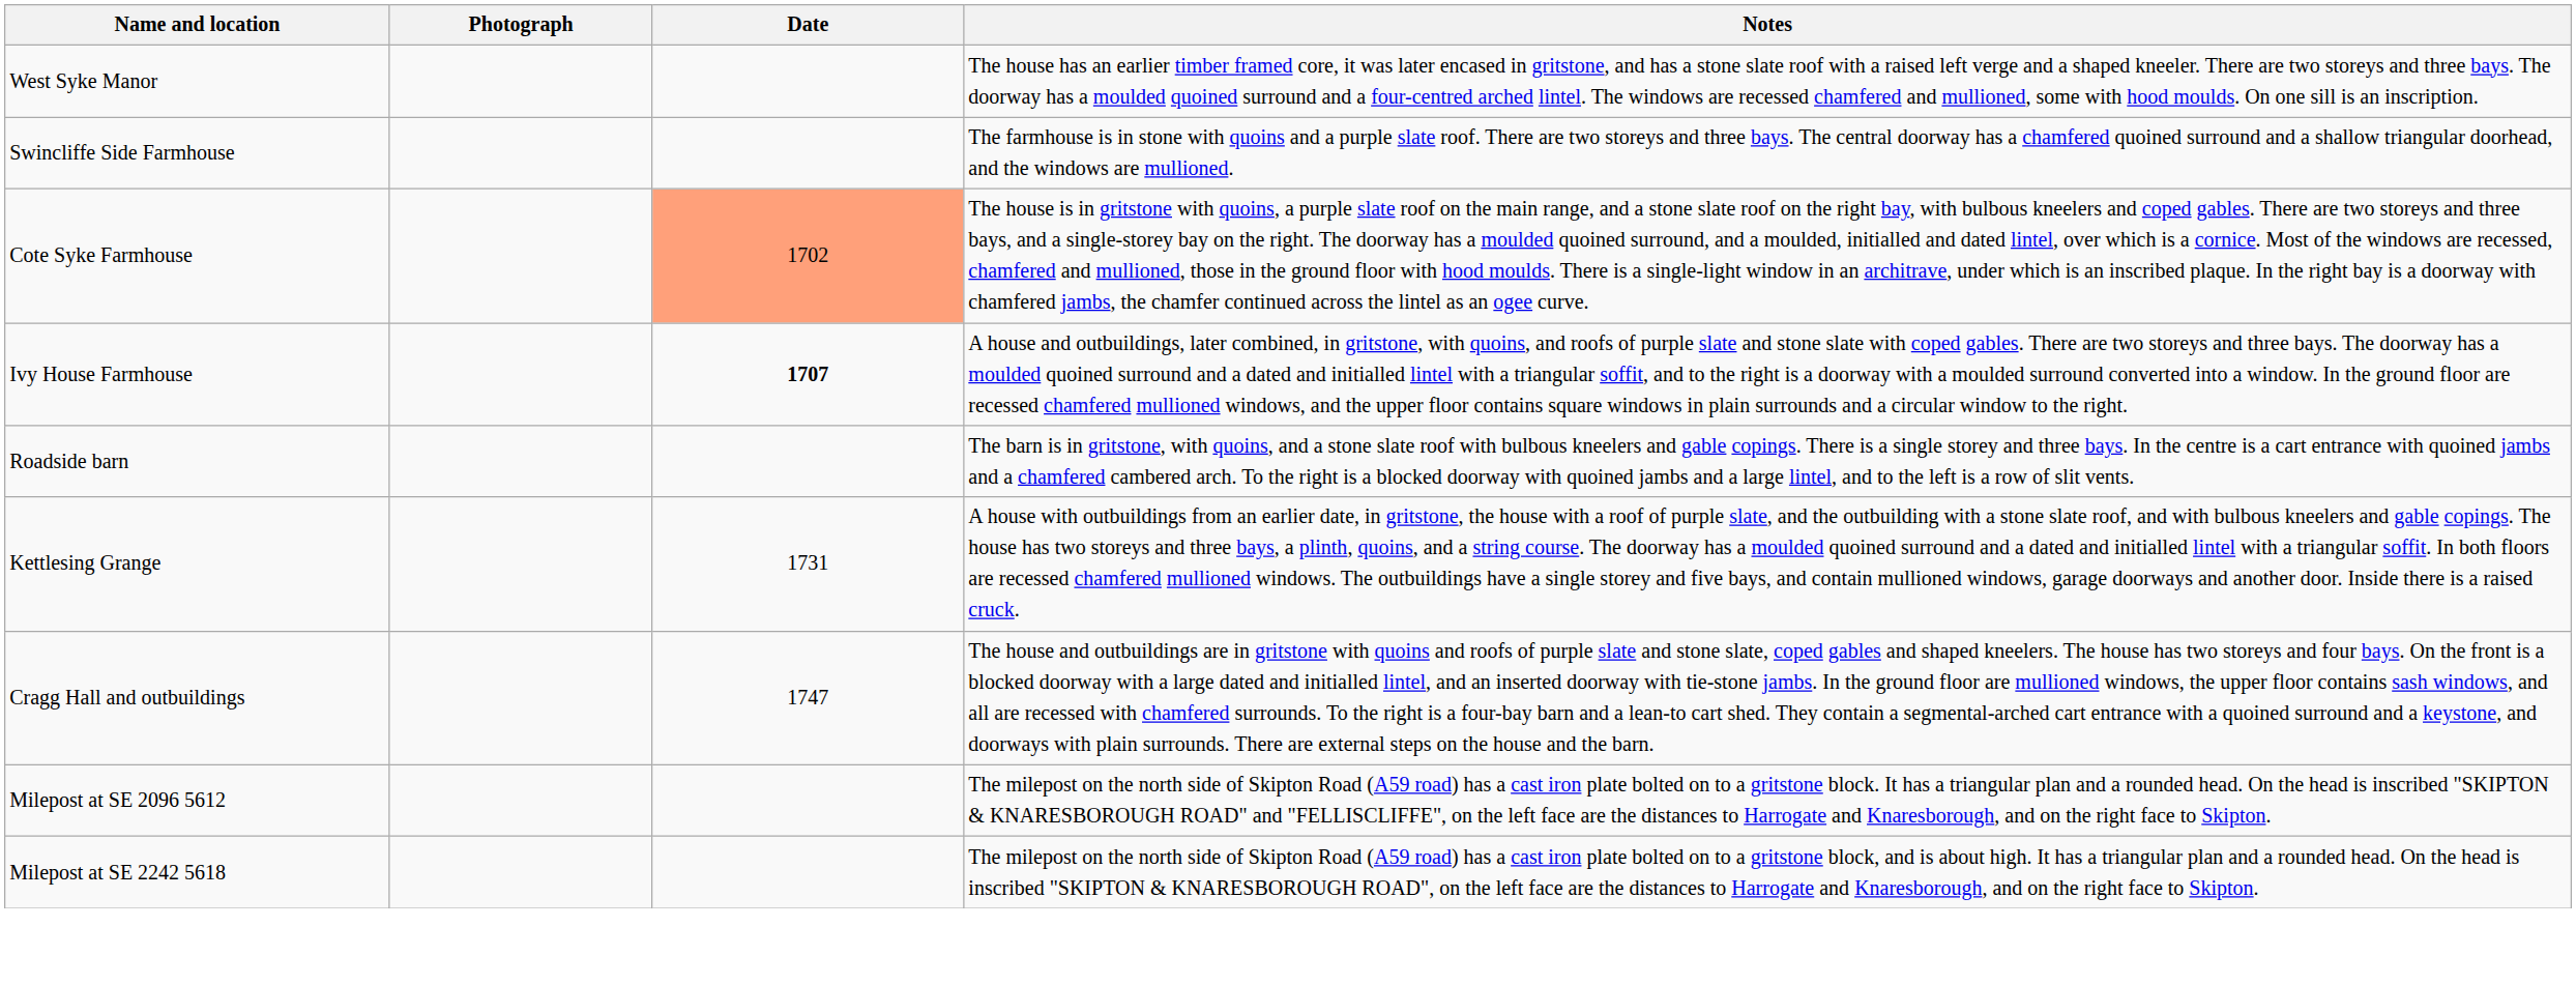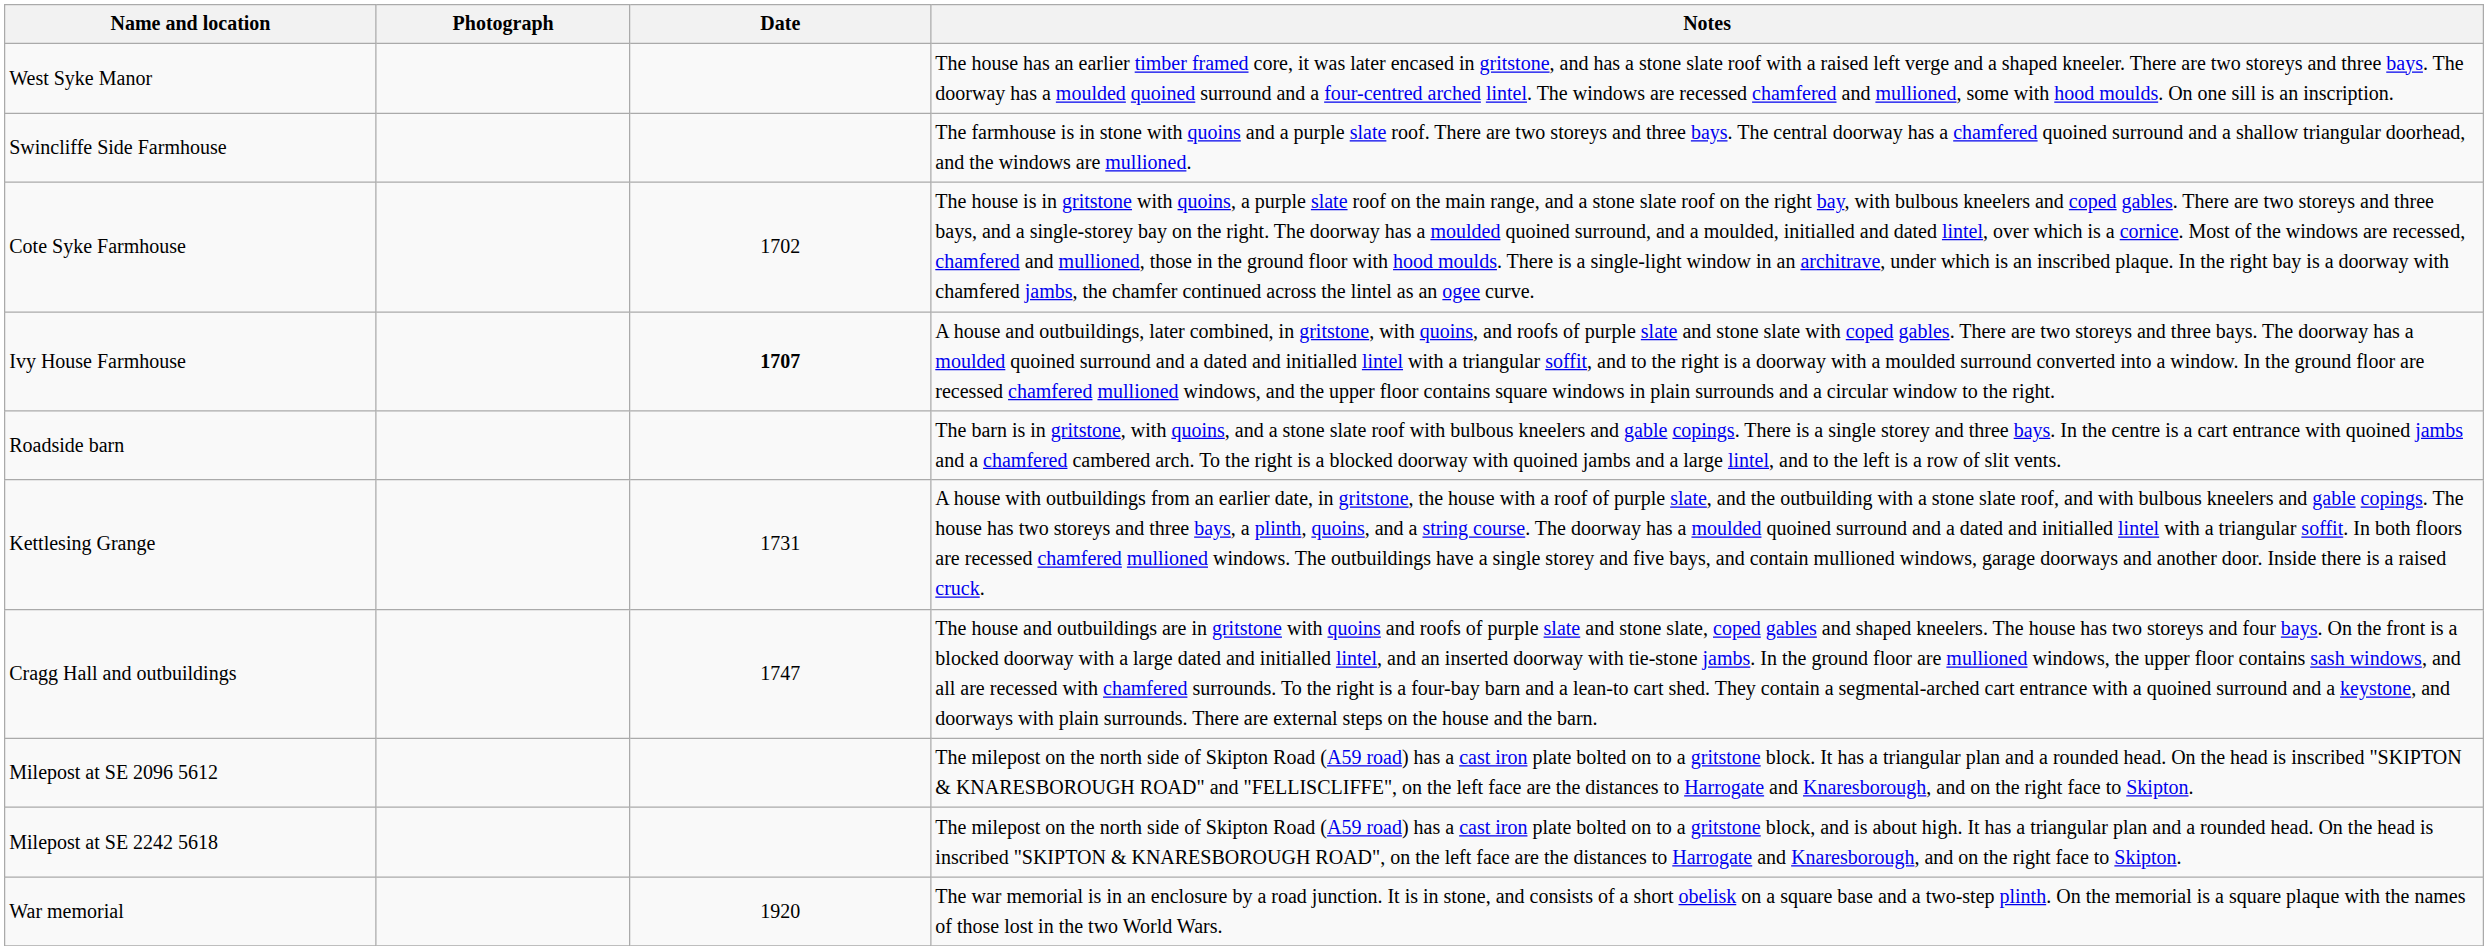 <table class="wikitable sortable plainrowheaders" style="width:100%;border:0px;text-align:left;line-height:150%;">
 <tr>
 <th scope="col"  style="width:150px">Name and location</th>
 <th scope="col"  style="width:100px" class="unsortable">Photograph</th>
 <th scope="col"  style="width:120px">Date</th>
 <th scope="col"  style="width:650px" class="unsortable">Notes</th>
 </tr>
 <tr>
 <td>West Syke Manor<br><small></small></td>
 <td></td>
 <td align="center"></td>
 <td>The house has an earlier <a href='#'>timber framed</a> core, it was later encased in <a href='#'>gritstone</a>, and has a stone slate roof with a raised left verge and a shaped kneeler.  There are two storeys and three <a href='#'>bays</a>.  The doorway has a <a href='#'>moulded</a> <a href='#'>quoined</a> surround and a <a href='#'>four-centred arched</a> <a href='#'>lintel</a>.  The windows are recessed <a href='#'>chamfered</a> and <a href='#'>mullioned</a>, some with <a href='#'>hood moulds</a>.  On one sill is an inscription.</td>
 </tr>
 <tr>
 <td>Swincliffe Side Farmhouse<br><small></small></td>
 <td></td>
 <td align="center"></td>
 <td>The farmhouse is in stone with <a href='#'>quoins</a> and a purple <a href='#'>slate</a> roof.  There are two storeys and three <a href='#'>bays</a>.  The central doorway has a <a href='#'>chamfered</a> quoined surround and a shallow triangular doorhead, and the windows are <a href='#'>mullioned</a>.</td>
 </tr>
 <tr>
 <td>Cote Syke Farmhouse<br><small></small></td>
 <td></td>
-<td align="center" style="background: lightsalmon;">1702</td>
+<td align="center">1702</td>
 <td>The house is in <a href='#'>gritstone</a> with <a href='#'>quoins</a>, a purple <a href='#'>slate</a> roof on the main range, and a stone slate roof on the right <a href='#'>bay</a>, with bulbous kneelers and <a href='#'>coped</a> <a href='#'>gables</a>.  There are two storeys and three bays, and a single-storey bay on the right.  The doorway has a <a href='#'>moulded</a> quoined surround, and a moulded, initialled and dated <a href='#'>lintel</a>, over which is a <a href='#'>cornice</a>.  Most of the windows are recessed, <a href='#'>chamfered</a> and <a href='#'>mullioned</a>, those in the ground floor with <a href='#'>hood moulds</a>.  There is a single-light window in an <a href='#'>architrave</a>, under which is an inscribed plaque.  In the right bay is a doorway with chamfered <a href='#'>jambs</a>, the chamfer continued across the lintel as an <a href='#'>ogee</a> curve.</td>
 </tr>
 <tr>
 <td>Ivy House Farmhouse<br><small></small></td>
 <td></td>
 <td align="center"><strong>1707</strong></td>
 <td>A house and outbuildings, later combined, in <a href='#'>gritstone</a>, with <a href='#'>quoins</a>, and roofs of purple <a href='#'>slate</a> and stone slate with <a href='#'>coped</a> <a href='#'>gables</a>.  There are two storeys and three bays.  The doorway has a <a href='#'>moulded</a> quoined surround and a dated and initialled <a href='#'>lintel</a> with a triangular <a href='#'>soffit</a>, and to the right is a doorway with a moulded surround converted into a window.  In the ground floor are recessed <a href='#'>chamfered</a> <a href='#'>mullioned</a> windows, and the upper floor contains square windows in plain surrounds and a circular window to the right.</td>
 </tr>
 <tr>
 <td>Roadside barn<br><small></small></td>
 <td></td>
 <td align="center"></td>
 <td>The barn is in <a href='#'>gritstone</a>, with <a href='#'>quoins</a>, and a stone slate roof with bulbous kneelers and <a href='#'>gable</a> <a href='#'>copings</a>.  There is a single storey and three <a href='#'>bays</a>.  In the centre is a cart entrance with quoined <a href='#'>jambs</a> and a <a href='#'>chamfered</a> cambered arch. To the right is a blocked doorway with quoined jambs and a large <a href='#'>lintel</a>, and to the left is a row of slit vents.</td>
 </tr>
 <tr>
 <td>Kettlesing Grange<br><small></small></td>
 <td></td>
 <td align="center">1731</td>
 <td>A house with outbuildings from an earlier date, in <a href='#'>gritstone</a>, the house with a roof of purple <a href='#'>slate</a>, and the outbuilding with a stone slate roof, and with bulbous kneelers and <a href='#'>gable</a> <a href='#'>copings</a>.  The house has two storeys and three <a href='#'>bays</a>, a <a href='#'>plinth</a>, <a href='#'>quoins</a>, and a <a href='#'>string course</a>.  The doorway has a <a href='#'>moulded</a> quoined surround and a dated and initialled <a href='#'>lintel</a> with a triangular <a href='#'>soffit</a>.  In both floors are recessed <a href='#'>chamfered</a> <a href='#'>mullioned</a> windows.  The outbuildings have a single storey and five bays, and contain mullioned windows, garage doorways and another door.  Inside there is a raised <a href='#'>cruck</a>.</td>
 </tr>
 <tr>
 <td>Cragg Hall and outbuildings<br><small></small></td>
 <td></td>
 <td align="center">1747</td>
 <td>The house and outbuildings are in <a href='#'>gritstone</a> with <a href='#'>quoins</a> and roofs of purple <a href='#'>slate</a> and stone slate, <a href='#'>coped</a> <a href='#'>gables</a> and shaped kneelers.  The house has two storeys and four <a href='#'>bays</a>.  On the front is a blocked doorway with a large dated and initialled <a href='#'>lintel</a>, and an inserted doorway with tie-stone <a href='#'>jambs</a>.  In the ground floor are <a href='#'>mullioned</a> windows, the upper floor contains <a href='#'>sash windows</a>, and all are recessed with <a href='#'>chamfered</a> surrounds.  To the right is a four-bay barn and a lean-to cart shed.  They contain a segmental-arched cart entrance with a quoined surround and a <a href='#'>keystone</a>, and doorways with plain surrounds.  There are external steps on the house and the barn.</td>
 </tr>
 <tr>
 <td>Milepost at SE 2096 5612<br><small></small></td>
 <td></td>
 <td align="center"></td>
 <td>The milepost on the north side of Skipton Road (<a href='#'>A59 road</a>) has a <a href='#'>cast iron</a> plate bolted on to a <a href='#'>gritstone</a> block.  It has a triangular plan and a rounded head.  On the head is inscribed "SKIPTON & KNARESBOROUGH ROAD" and "FELLISCLIFFE", on the left face are the distances to <a href='#'>Harrogate</a> and <a href='#'>Knaresborough</a>, and on the right face to <a href='#'>Skipton</a>.</td>
 </tr>
 <tr>
 <td>Milepost at SE 2242 5618<br><small></small></td>
 <td></td>
 <td align="center"></td>
 <td>The milepost on the north side of Skipton Road (<a href='#'>A59 road</a>) has a <a href='#'>cast iron</a> plate bolted on to a <a href='#'>gritstone</a> block, and is about  high.  It has a triangular plan and a rounded head.  On the head is inscribed "SKIPTON & KNARESBOROUGH ROAD", on the left face are the distances to <a href='#'>Harrogate</a> and <a href='#'>Knaresborough</a>, and on the right face to <a href='#'>Skipton</a>.</td>
 </tr>
 <tr>
+<td>War memorial<br><small></small></td>
+<td></td>
+<td align="center">1920</td>
+<td>The war memorial is in an enclosure by a road junction.  It is in stone, and consists of a short <a href='#'>obelisk</a> on a square base and a two-step <a href='#'>plinth</a>.  On the memorial is a square plaque with the names of those lost in the two World Wars.</td>
+</tr>
+<tr>
 </tr>
 </table>
